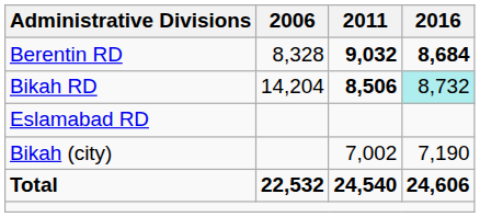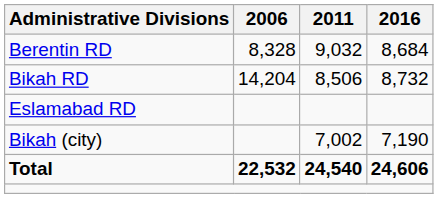 <table class="wikitable">
 <tr>
 <th>Administrative Divisions</th>
 <th>2006</th>
 <th>2011</th>
 <th>2016</th>
 </tr>
 <tr>
 <td><a href='#'>Berentin RD</a></td>
 <td style="text-align: right;">8,328</td>
-<td style="text-align: right;"><strong>9,032</strong></td>
-<td style="text-align: right;"><strong>8,684</strong></td>
+<td style="text-align: right;">9,032</td>
+<td style="text-align: right;">8,684</td>
 </tr>
 <tr>
 <td><a href='#'>Bikah RD</a></td>
 <td style="text-align: right;">14,204</td>
-<td style="text-align: right;"><strong>8,506</strong></td>
-<td style="background: paleturquoise; text-align: right;">8,732</td>
+<td style="text-align: right;">8,506</td>
+<td style="text-align: right;">8,732</td>
 </tr>
 <tr>
 <td><a href='#'>Eslamabad RD</a></td>
 <td style="text-align: right;"></td>
 <td style="text-align: right;"></td>
 <td style="text-align: right;"></td>
 </tr>
 <tr>
 <td><a href='#'>Bikah</a> (city)</td>
 <td style="text-align: right;"></td>
 <td style="text-align: right;">7,002</td>
 <td style="text-align: right;">7,190</td>
 </tr>
 <tr>
 <td><strong>Total</strong></td>
 <td style="text-align: right;"><strong>22,532</strong></td>
 <td style="text-align: right;"><strong>24,540</strong></td>
 <td style="text-align: right;"><strong>24,606</strong></td>
 </tr>
 <tr>
 <td colspan=4></td>
 </tr>
 </table>
